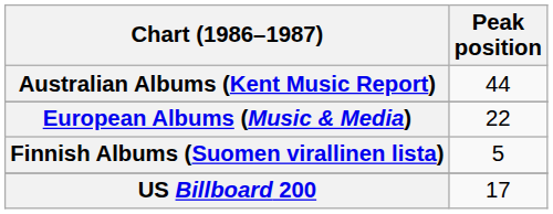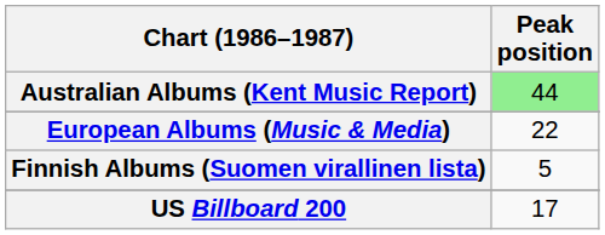 <table class="wikitable sortable plainrowheaders" style="text-align:center">
 <tr>
 <th scope="col">Chart (1986–1987)</th>
 <th scope="col">Peak<br>position</th>
 </tr>
 <tr>
 <th scope="row">Australian Albums (<a href='#'>Kent Music Report</a>)</th>
-<td>44</td>
+<td style="background: lightgreen;">44</td>
 </tr>
 <tr>
 </tr>
 <tr>
 </tr>
 <tr>
 </tr>
 <tr>
 <th scope="row"><a href='#'>European Albums</a> (<em><a href='#'>Music & Media</a></em>)</th>
 <td>22</td>
 </tr>
 <tr>
 <th scope="row">Finnish Albums (<a href='#'>Suomen virallinen lista</a>)</th>
 <td>5</td>
 </tr>
 <tr>
 </tr>
 <tr>
 </tr>
 <tr>
 </tr>
 <tr>
 </tr>
 <tr>
 <th scope="row">US <a href='#'><em>Billboard</em> 200</a></th>
 <td>17</td>
 </tr>
 </table>
